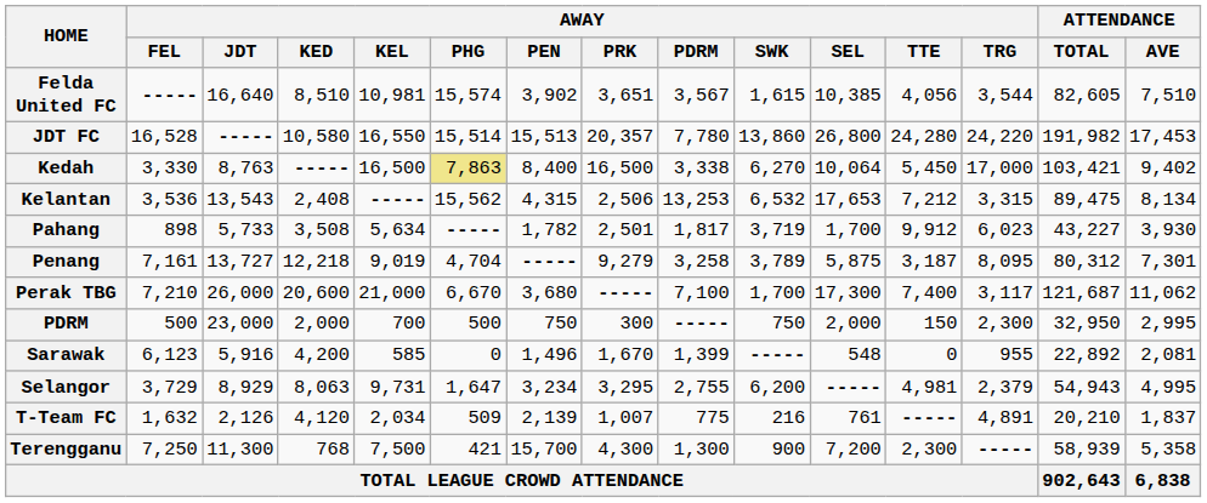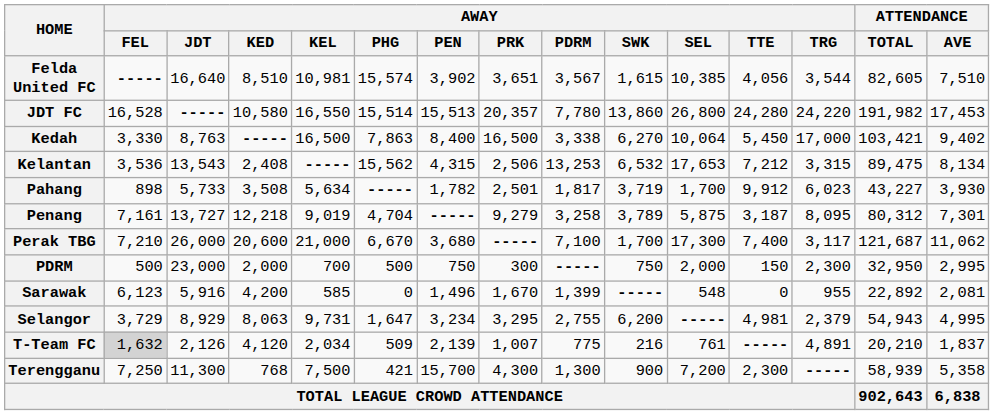 <table class="wikitable" style="text-align:right; font-size:90%; width:85%;">
 <tr>
 <th rowspan="2">HOME</th>
 <th colspan="12">AWAY</th>
 <th colspan="2">ATTENDANCE</th>
 </tr>
 <tr>
 <th>FEL</th>
 <th>JDT</th>
 <th>KED</th>
 <th>KEL</th>
 <th>PHG</th>
 <th>PEN</th>
 <th>PRK</th>
 <th>PDRM</th>
 <th>SWK</th>
 <th>SEL</th>
 <th>TTE</th>
 <th>TRG</th>
 <th>TOTAL</th>
 <th>AVE</th>
 </tr>
 <tr>
 <th>Felda United FC</th>
 <td><strong>-----</strong></td>
 <td>16,640</td>
 <td>8,510</td>
 <td>10,981</td>
 <td>15,574</td>
 <td>3,902</td>
 <td>3,651</td>
 <td>3,567</td>
 <td>1,615</td>
 <td>10,385</td>
 <td>4,056</td>
 <td>3,544</td>
 <td>82,605</td>
 <td>7,510</td>
 </tr>
 <tr>
 <th>JDT FC</th>
 <td>16,528</td>
 <td><strong>-----</strong></td>
 <td>10,580</td>
 <td>16,550</td>
 <td>15,514</td>
 <td>15,513</td>
 <td>20,357</td>
 <td>7,780</td>
 <td>13,860</td>
 <td>26,800</td>
 <td>24,280</td>
 <td>24,220</td>
 <td>191,982</td>
 <td>17,453</td>
 </tr>
 <tr>
 <th>Kedah</th>
 <td>3,330</td>
 <td>8,763</td>
 <td><strong>-----</strong></td>
 <td>16,500</td>
-<td style="background: khaki;">7,863</td>
+<td>7,863</td>
 <td>8,400</td>
 <td>16,500</td>
 <td>3,338</td>
 <td>6,270</td>
 <td>10,064</td>
 <td>5,450</td>
 <td>17,000</td>
 <td>103,421</td>
 <td>9,402</td>
 </tr>
 <tr>
 <th>Kelantan</th>
 <td>3,536</td>
 <td>13,543</td>
 <td>2,408</td>
 <td><strong>-----</strong></td>
 <td>15,562</td>
 <td>4,315</td>
 <td>2,506</td>
 <td>13,253</td>
 <td>6,532</td>
 <td>17,653</td>
 <td>7,212</td>
 <td>3,315</td>
 <td>89,475</td>
 <td>8,134</td>
 </tr>
 <tr>
 <th>Pahang</th>
 <td>898</td>
 <td>5,733</td>
 <td>3,508</td>
 <td>5,634</td>
 <td><strong>-----</strong></td>
 <td>1,782</td>
 <td>2,501</td>
 <td>1,817</td>
 <td>3,719</td>
 <td>1,700</td>
 <td>9,912</td>
 <td>6,023</td>
 <td>43,227</td>
 <td>3,930</td>
 </tr>
 <tr>
 <th>Penang</th>
 <td>7,161</td>
 <td>13,727</td>
 <td>12,218</td>
 <td>9,019</td>
 <td>4,704</td>
 <td><strong>-----</strong></td>
 <td>9,279</td>
 <td>3,258</td>
 <td>3,789</td>
 <td>5,875</td>
 <td>3,187</td>
 <td>8,095</td>
 <td>80,312</td>
 <td>7,301</td>
 </tr>
 <tr>
 <th>Perak TBG</th>
 <td>7,210</td>
 <td>26,000</td>
 <td>20,600</td>
 <td>21,000</td>
 <td>6,670</td>
 <td>3,680</td>
 <td><strong>-----</strong></td>
 <td>7,100</td>
 <td>1,700</td>
 <td>17,300</td>
 <td>7,400</td>
 <td>3,117</td>
 <td>121,687</td>
 <td>11,062</td>
 </tr>
 <tr>
 <th>PDRM</th>
 <td>500</td>
 <td>23,000</td>
 <td>2,000</td>
 <td>700</td>
 <td>500</td>
 <td>750</td>
 <td>300</td>
 <td><strong>-----</strong></td>
 <td>750</td>
 <td>2,000</td>
 <td>150</td>
 <td>2,300</td>
 <td>32,950</td>
 <td>2,995</td>
 </tr>
 <tr>
 <th>Sarawak</th>
 <td>6,123</td>
 <td>5,916</td>
 <td>4,200</td>
 <td>585</td>
 <td>0</td>
 <td>1,496</td>
 <td>1,670</td>
 <td>1,399</td>
 <td><strong>-----</strong></td>
 <td>548</td>
 <td>0</td>
 <td>955</td>
 <td>22,892</td>
 <td>2,081</td>
 </tr>
 <tr>
 <th>Selangor</th>
 <td>3,729</td>
 <td>8,929</td>
 <td>8,063</td>
 <td>9,731</td>
 <td>1,647</td>
 <td>3,234</td>
 <td>3,295</td>
 <td>2,755</td>
 <td>6,200</td>
 <td><strong>-----</strong></td>
 <td>4,981</td>
 <td>2,379</td>
 <td>54,943</td>
 <td>4,995</td>
 </tr>
 <tr>
 <th>T-Team FC</th>
-<td>1,632</td>
+<td style="background: lightgrey;">1,632</td>
 <td>2,126</td>
 <td>4,120</td>
 <td>2,034</td>
 <td>509</td>
 <td>2,139</td>
 <td>1,007</td>
 <td>775</td>
 <td>216</td>
 <td>761</td>
 <td><strong>-----</strong></td>
 <td>4,891</td>
 <td>20,210</td>
 <td>1,837</td>
 </tr>
 <tr>
 <th>Terengganu</th>
 <td>7,250</td>
 <td>11,300</td>
 <td>768</td>
 <td>7,500</td>
 <td>421</td>
 <td>15,700</td>
 <td>4,300</td>
 <td>1,300</td>
 <td>900</td>
 <td>7,200</td>
 <td>2,300</td>
 <td><strong>-----</strong></td>
 <td>58,939</td>
 <td>5,358</td>
 </tr>
 <tr>
 <th colspan="13">TOTAL LEAGUE CROWD ATTENDANCE</th>
 <th>902,643</th>
 <th>6,838</th>
 </tr>
 </table>
